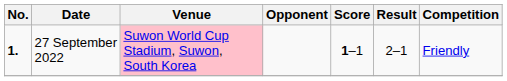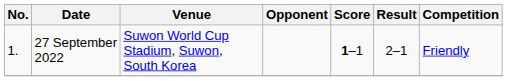 <table class="wikitable">
 <tr>
 <th>No.</th>
 <th>Date</th>
 <th>Venue</th>
 <th>Opponent</th>
 <th>Score</th>
 <th>Result</th>
 <th>Competition</th>
 </tr>
 <tr>
-<td><strong>1.</strong></td>
+<td>1.</td>
 <td>27 September 2022</td>
-<td style="background: pink;"><a href='#'>Suwon World Cup Stadium</a>, <a href='#'>Suwon</a>, <a href='#'>South Korea</a></td>
+<td><a href='#'>Suwon World Cup Stadium</a>, <a href='#'>Suwon</a>, <a href='#'>South Korea</a></td>
 <td></td>
 <td align=center><strong>1</strong>–1</td>
 <td align=center>2–1</td>
 <td><a href='#'>Friendly</a></td>
 </tr>
 <tr>
 </tr>
 </table>
